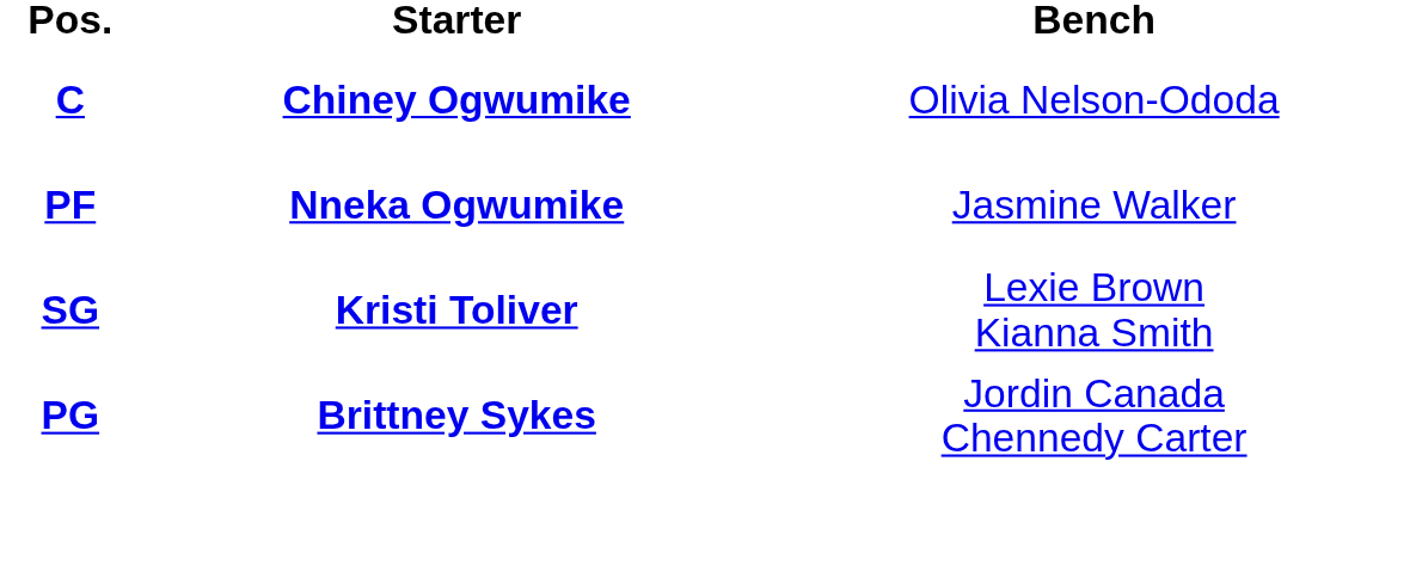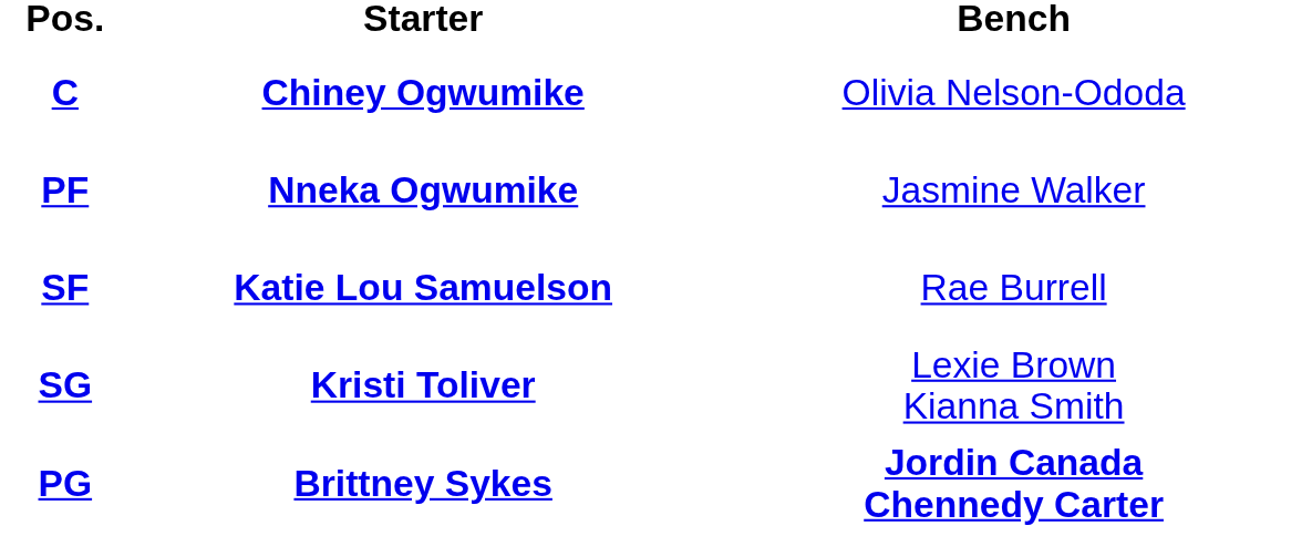 <table style="text-align:center; ">
 <tr>
 <th width="50">Pos.</th>
 <th width="250">Starter</th>
 <th width="250">Bench</th>
 </tr>
 <tr style="height:40px; background:white; color:#092C57">
 <th><a href='#'><span>C</span></a></th>
 <td><strong><a href='#'>Chiney Ogwumike</a></strong></td>
 <td><a href='#'>Olivia Nelson-Ododa</a></td>
 </tr>
 <tr style="height:40px; background:white; color:#092C57">
 <th><a href='#'><span>PF</span></a></th>
 <td><strong><a href='#'>Nneka Ogwumike</a></strong></td>
 <td><a href='#'>Jasmine Walker</a></td>
 </tr>
 <tr style="height:40px; background:white; color:#092C57">
+<th><a href='#'><span>SF</span></a></th>
+<td><strong><a href='#'>Katie Lou Samuelson</a></strong></td>
+<td><a href='#'>Rae Burrell</a></td>
+</tr>
+<tr style="height:40px; background:white; color:#092C57">
 <th><a href='#'><span>SG</span></a></th>
 <td><strong><a href='#'>Kristi Toliver</a></strong></td>
 <td><a href='#'>Lexie Brown</a><br><a href='#'>Kianna Smith</a></td>
 </tr>
 <tr style="height:40px; background:white; color:#092C57">
 <th><a href='#'><span>PG</span></a></th>
 <td><strong><a href='#'>Brittney Sykes</a></strong></td>
-<td><a href='#'>Jordin Canada</a><br><a href='#'>Chennedy Carter</a></td>
+<td><strong><a href='#'>Jordin Canada</a><br><a href='#'>Chennedy Carter</a></strong></td>
 </tr>
 </table>
